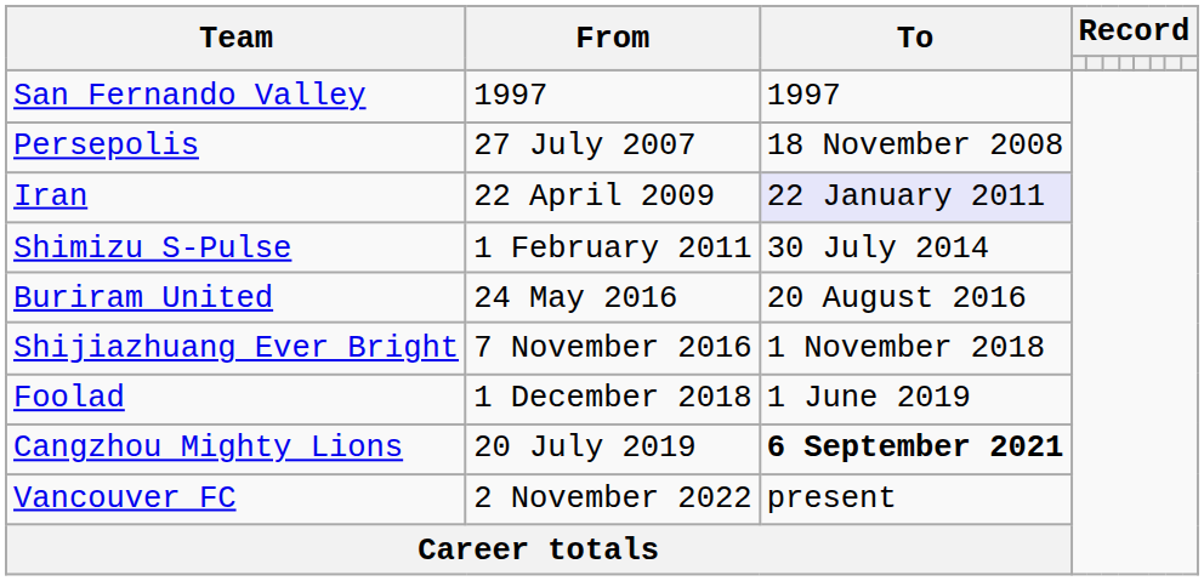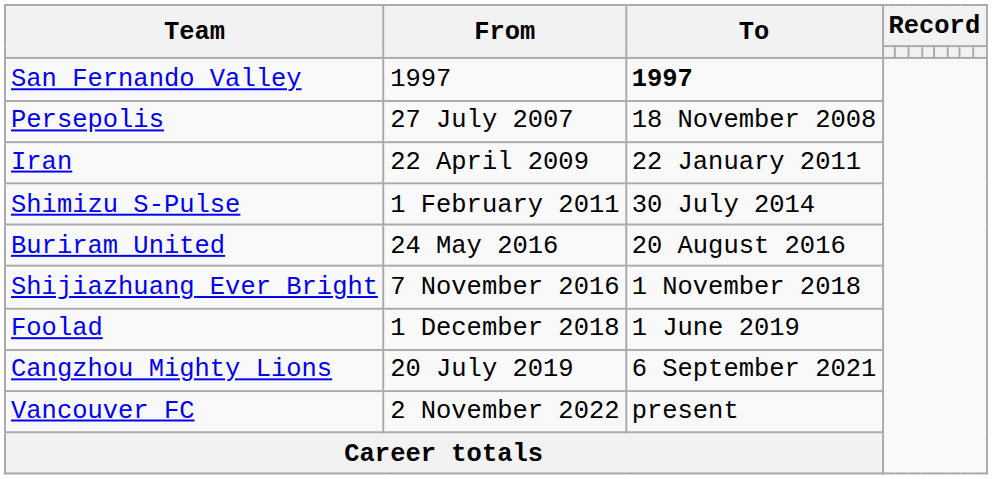 <table class="wikitable" style="text-align: left">
 <tr>
 <th rowspan=2>Team</th>
 <th rowspan=2>From</th>
 <th rowspan=2>To</th>
 <th colspan=8>Record</th>
 </tr>
 <tr>
 <th></th>
 <th></th>
 <th></th>
 <th></th>
 <th></th>
 <th></th>
 <th></th>
 <th></th>
 </tr>
 <tr>
 <td> <a href='#'>San Fernando Valley</a></td>
 <td>1997</td>
-<td>1997<br></td>
+<td><strong>1997<br></strong></td>
 </tr>
 <tr>
 <td> <a href='#'>Persepolis</a></td>
 <td>27 July 2007</td>
 <td>18 November 2008<br></td>
 </tr>
 <tr>
 <td> <a href='#'>Iran</a></td>
 <td>22 April 2009</td>
-<td style="background: lavender;">22 January 2011<br></td>
+<td>22 January 2011<br></td>
 </tr>
 <tr>
 <td> <a href='#'>Shimizu S-Pulse</a></td>
 <td>1 February 2011</td>
 <td>30 July 2014<br></td>
 </tr>
 <tr>
 <td> <a href='#'>Buriram United</a></td>
 <td>24 May 2016</td>
 <td>20 August 2016<br></td>
 </tr>
 <tr>
 <td> <a href='#'>Shijiazhuang Ever Bright</a></td>
 <td>7 November 2016</td>
 <td>1 November 2018<br></td>
 </tr>
 <tr>
 <td> <a href='#'>Foolad</a></td>
 <td>1 December 2018</td>
 <td>1 June 2019<br></td>
 </tr>
 <tr>
 <td> <a href='#'>Cangzhou Mighty Lions</a></td>
 <td>20 July 2019</td>
-<td><strong>6 September 2021<br></strong></td>
+<td>6 September 2021<br></td>
 </tr>
 <tr>
 <td> <a href='#'>Vancouver FC</a></td>
 <td>2 November 2022</td>
 <td>present<br></td>
 </tr>
 <tr>
 <th colspan="3">Career totals<br></th>
 </tr>
 </table>
